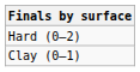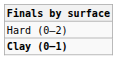 <table class=wikitable style=font-size:97%>
 <tr>
 <th>Finals by surface</th>
 </tr>
 <tr>
 <td>Hard (0–2)</td>
 </tr>
 <tr>
-<td>Clay (0–1)</td>
+<td><strong>Clay (0–1)</strong></td>
 </tr>
 </table>
